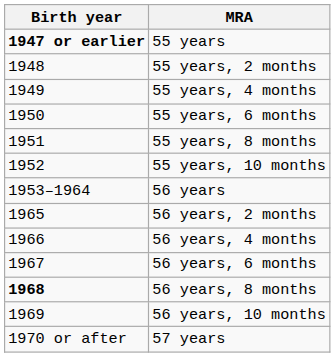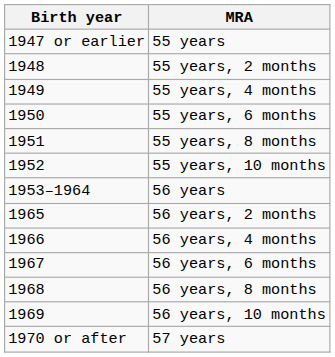 <table style="text-align:left;" class="wikitable">
 <tr>
 <th>Birth year</th>
 <th>MRA</th>
 </tr>
 <tr>
-<td><strong>1947 or earlier</strong></td>
+<td>1947 or earlier</td>
 <td>55 years</td>
 </tr>
 <tr>
 <td>1948</td>
 <td>55 years, 2 months</td>
 </tr>
 <tr>
 <td>1949</td>
 <td>55 years, 4 months</td>
 </tr>
 <tr>
 <td>1950</td>
 <td>55 years, 6 months</td>
 </tr>
 <tr>
 <td>1951</td>
 <td>55 years, 8 months</td>
 </tr>
 <tr>
 <td>1952</td>
 <td>55 years, 10 months</td>
 </tr>
 <tr>
 <td>1953–1964</td>
 <td>56 years</td>
 </tr>
 <tr>
 <td>1965</td>
 <td>56 years, 2 months</td>
 </tr>
 <tr>
 <td>1966</td>
 <td>56 years, 4 months</td>
 </tr>
 <tr>
 <td>1967</td>
 <td>56 years, 6 months</td>
 </tr>
 <tr>
-<td><strong>1968</strong></td>
+<td>1968</td>
 <td>56 years, 8 months</td>
 </tr>
 <tr>
 <td>1969</td>
 <td>56 years, 10 months</td>
 </tr>
 <tr>
 <td>1970 or after</td>
 <td>57 years</td>
 </tr>
 </table>
